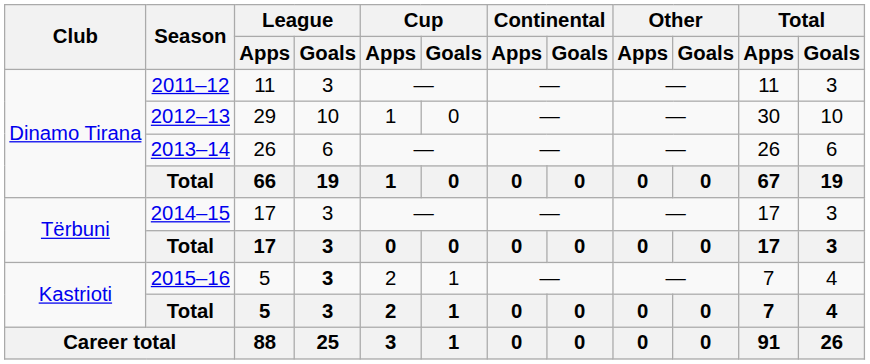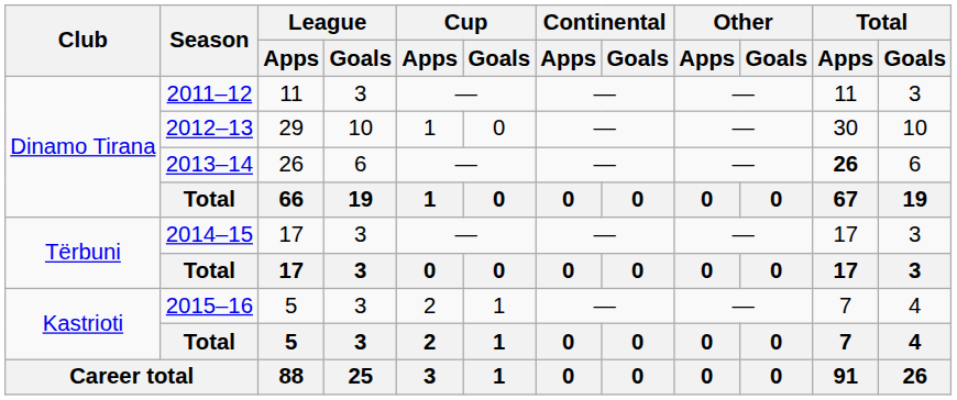 <table class="wikitable" style="text-align: center;">
 <tr>
 <th rowspan="2">Club</th>
 <th rowspan="2">Season</th>
 <th colspan="2">League</th>
 <th colspan="2">Cup</th>
 <th colspan="2">Continental</th>
 <th colspan="2">Other</th>
 <th colspan="2">Total</th>
 </tr>
 <tr>
 <th>Apps</th>
 <th>Goals</th>
 <th>Apps</th>
 <th>Goals</th>
 <th>Apps</th>
 <th>Goals</th>
 <th>Apps</th>
 <th>Goals</th>
 <th>Apps</th>
 <th>Goals</th>
 </tr>
 <tr>
 <td rowspan="4" valign="center"><a href='#'>Dinamo Tirana</a></td>
 <td><a href='#'>2011–12</a></td>
 <td>11</td>
 <td>3</td>
 <td colspan="2">—</td>
 <td colspan="2">—</td>
 <td colspan="2">—</td>
 <td>11</td>
 <td>3</td>
 </tr>
 <tr>
 <td><a href='#'>2012–13</a></td>
 <td>29</td>
 <td>10</td>
 <td>1</td>
 <td>0</td>
 <td colspan="2">—</td>
 <td colspan="2">—</td>
 <td>30</td>
 <td>10</td>
 </tr>
 <tr>
 <td><a href='#'>2013–14</a></td>
 <td>26</td>
 <td>6</td>
 <td colspan="2">—</td>
 <td colspan="2">—</td>
 <td colspan="2">—</td>
-<td>26</td>
+<td><strong>26</strong></td>
 <td>6</td>
 </tr>
 <tr>
 <th>Total</th>
 <th>66</th>
 <th>19</th>
 <th>1</th>
 <th>0</th>
 <th>0</th>
 <th>0</th>
 <th>0</th>
 <th>0</th>
 <th>67</th>
 <th>19</th>
 </tr>
 <tr>
 <td rowspan="2" valign="center"><a href='#'>Tërbuni</a></td>
 <td><a href='#'>2014–15</a></td>
 <td>17</td>
 <td>3</td>
 <td colspan="2">—</td>
 <td colspan="2">—</td>
 <td colspan="2">—</td>
 <td>17</td>
 <td>3</td>
 </tr>
 <tr>
 <th>Total</th>
 <th>17</th>
 <th>3</th>
 <th>0</th>
 <th>0</th>
 <th>0</th>
 <th>0</th>
 <th>0</th>
 <th>0</th>
 <th>17</th>
 <th>3</th>
 </tr>
 <tr>
 <td rowspan="2" valign="center"><a href='#'>Kastrioti</a></td>
 <td><a href='#'>2015–16</a></td>
 <td>5</td>
-<td><strong>3</strong></td>
+<td>3</td>
 <td>2</td>
 <td>1</td>
 <td colspan="2">—</td>
 <td colspan="2">—</td>
 <td>7</td>
 <td>4</td>
 </tr>
 <tr>
 <th>Total</th>
 <th>5</th>
 <th>3</th>
 <th>2</th>
 <th>1</th>
 <th>0</th>
 <th>0</th>
 <th>0</th>
 <th>0</th>
 <th>7</th>
 <th>4</th>
 </tr>
 <tr>
 <th colspan="2">Career total</th>
 <th>88</th>
 <th>25</th>
 <th>3</th>
 <th>1</th>
 <th>0</th>
 <th>0</th>
 <th>0</th>
 <th>0</th>
 <th>91</th>
 <th>26</th>
 </tr>
 </table>
